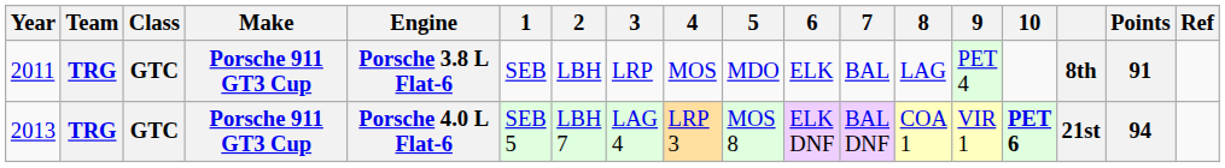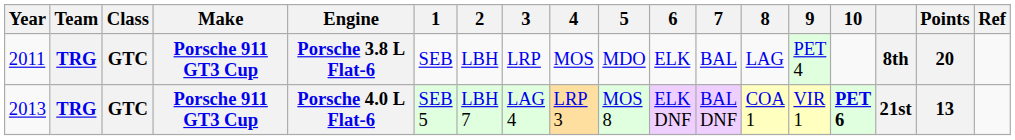 <table class="wikitable">
 <tr>
 <th>Year</th>
 <th>Team</th>
 <th>Class</th>
 <th>Make</th>
 <th>Engine</th>
 <th>1</th>
 <th>2</th>
 <th>3</th>
 <th>4</th>
 <th>5</th>
 <th>6</th>
 <th>7</th>
 <th>8</th>
 <th>9</th>
 <th>10</th>
 <th></th>
 <th>Points</th>
 <th>Ref</th>
 </tr>
 <tr>
 <td><a href='#'>2011</a></td>
 <th><a href='#'>TRG</a></th>
 <th>GTC</th>
 <th><a href='#'>Porsche 911 GT3 Cup</a></th>
 <th><a href='#'>Porsche</a> 3.8 L <a href='#'>Flat-6</a></th>
 <td><a href='#'>SEB</a></td>
 <td><a href='#'>LBH</a></td>
 <td><a href='#'>LRP</a></td>
 <td><a href='#'>MOS</a></td>
 <td><a href='#'>MDO</a></td>
 <td><a href='#'>ELK</a></td>
 <td><a href='#'>BAL</a></td>
 <td><a href='#'>LAG</a></td>
 <td style="background:#DFFFDF;"><a href='#'>PET</a><br>4</td>
 <td></td>
 <th>8th</th>
-<th>91</th>
+<th>20</th>
 <td></td>
 </tr>
 <tr>
 <td><a href='#'>2013</a></td>
 <th><a href='#'>TRG</a></th>
 <th>GTC</th>
 <th><a href='#'>Porsche 911 GT3 Cup</a></th>
 <th><a href='#'>Porsche</a> 4.0 L <a href='#'>Flat-6</a></th>
 <td style="background:#DFFFDF;"><a href='#'>SEB</a><br>5</td>
 <td style="background:#DFFFDF;"><a href='#'>LBH</a><br>7</td>
 <td style="background:#DFFFDF;"><a href='#'>LAG</a><br>4</td>
 <td style="background:#FFDF9F;”"><a href='#'>LRP</a><br>3</td>
 <td style="background:#DFFFDF;"><a href='#'>MOS</a><br>8</td>
 <td style="background:#EFCFFF;"><a href='#'>ELK</a><br>DNF</td>
 <td style="background:#EFCFFF;"><a href='#'>BAL</a><br>DNF</td>
 <td style="background:#FFFFBF;”"><a href='#'>COA</a><br>1</td>
 <td style="background:#FFFFBF;”"><a href='#'>VIR</a><br>1</td>
 <td style="background:#DFFFDF;"><strong><a href='#'>PET</a><br>6</strong></td>
 <th>21st</th>
-<th>94</th>
+<th>13</th>
 <td></td>
 </tr>
 </table>
